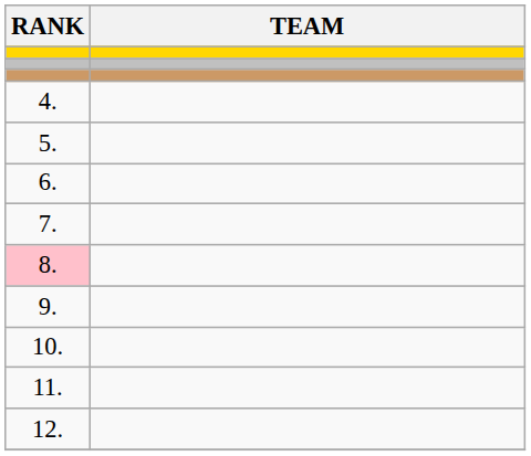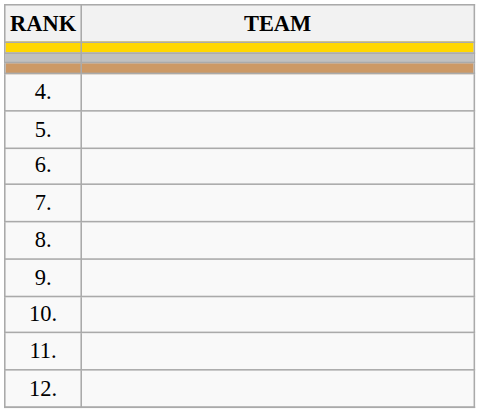 <table class="wikitable" style="border-collapse: collapse; font-size: 90%;">
 <tr>
 <th>RANK</th>
 <th align="left" style="width: 17em">TEAM</th>
 </tr>
 <tr bgcolor=gold>
 <td align="center"></td>
 <td></td>
 </tr>
 <tr bgcolor=silver>
 <td align="center"></td>
 <td></td>
 </tr>
 <tr bgcolor=cc9966>
 <td align="center"></td>
 <td></td>
 </tr>
 <tr>
 <td align="center">4.</td>
 <td></td>
 </tr>
 <tr>
 <td align="center">5.</td>
 <td></td>
 </tr>
 <tr>
 <td align="center">6.</td>
 <td></td>
 </tr>
 <tr>
 <td align="center">7.</td>
 <td></td>
 </tr>
 <tr>
-<td align="center" style="background: pink;">8.</td>
+<td align="center">8.</td>
 <td></td>
 </tr>
 <tr>
 <td align="center">9.</td>
 <td></td>
 </tr>
 <tr>
 <td align="center">10.</td>
 <td></td>
 </tr>
 <tr>
 <td align="center">11.</td>
 <td></td>
 </tr>
 <tr>
 <td align="center">12.</td>
 <td></td>
 </tr>
 <tr>
 </tr>
 </table>
